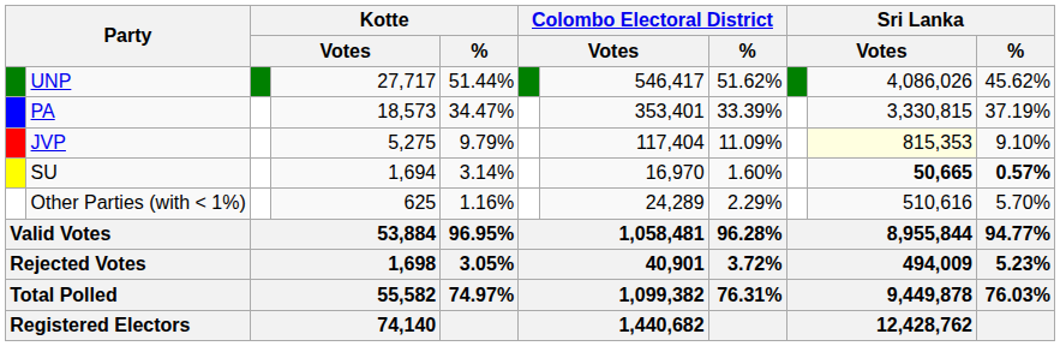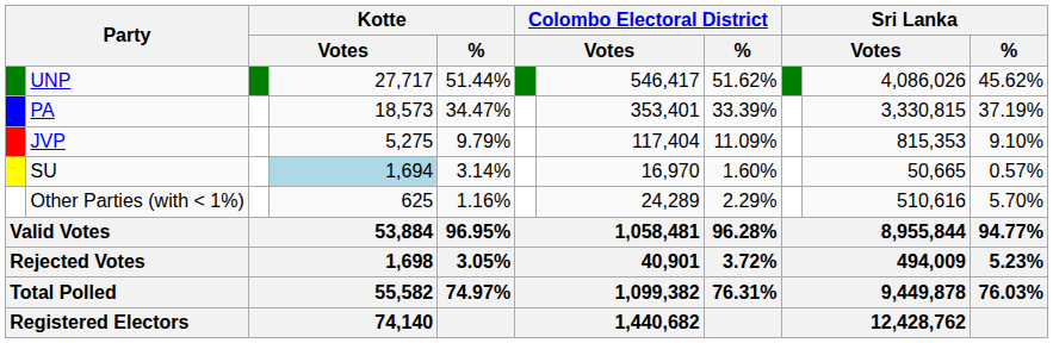 <table class="wikitable">
 <tr>
 <th colspan="2" width="144px"rowspan="2">Party</th>
 <th colspan="3" width="216px">Kotte</th>
 <th colspan="3" width="216px"><a href='#'>Colombo Electoral District</a></th>
 <th colspan="3" width="216px">Sri Lanka</th>
 </tr>
 <tr>
 <th colspan="2" width="144px">Votes</th>
 <th>%</th>
 <th colspan="2" width="144px">Votes</th>
 <th>%</th>
 <th colspan="2" width="144px">Votes</th>
 <th>%</th>
 </tr>
 <tr>
 <td style="background-color:green;" width="10px"></td>
 <td style="text-align:left;"><a href='#'>UNP</a></td>
 <td style="background-color:green;" width="10px"></td>
 <td style="text-align:right;">27,717</td>
 <td style="text-align:right;">51.44%</td>
 <td style="background-color:green;" width="10px"></td>
 <td style="text-align:right;">546,417</td>
 <td style="text-align:right;">51.62%</td>
 <td style="background-color:green;" width="10px"></td>
 <td style="text-align:right;">4,086,026</td>
 <td style="text-align:right;">45.62%</td>
 </tr>
 <tr>
 <td style="background-color:blue;" width="10px"></td>
 <td style="text-align:left;"><a href='#'>PA</a></td>
 <td style="background-color:white;" width="10px"></td>
 <td style="text-align:right;">18,573</td>
 <td style="text-align:right;">34.47%</td>
 <td style="background-color:white;" width="10px"></td>
 <td style="text-align:right;">353,401</td>
 <td style="text-align:right;">33.39%</td>
 <td style="background-color:white;" width="10px"></td>
 <td style="text-align:right;">3,330,815</td>
 <td style="text-align:right;">37.19%</td>
 </tr>
 <tr>
 <td style="background-color:red;" width="10px"></td>
 <td style="text-align:left;"><a href='#'>JVP</a></td>
 <td style="background-color:white;" width="10px"></td>
 <td style="text-align:right;">5,275</td>
 <td style="text-align:right;">9.79%</td>
 <td style="background-color:white;" width="10px"></td>
 <td style="text-align:right;">117,404</td>
 <td style="text-align:right;">11.09%</td>
 <td style="background-color:white;" width="10px"></td>
-<td style="background: lightyellow; text-align:right;">815,353</td>
+<td style="text-align:right;">815,353</td>
 <td style="text-align:right;">9.10%</td>
 </tr>
 <tr>
 <td style="background-color:yellow;" width="10px"></td>
 <td style="text-align:left;">SU</td>
 <td style="background-color:white;" width="10px"></td>
-<td style="text-align:right;">1,694</td>
+<td style="background: lightblue; text-align:right;">1,694</td>
 <td style="text-align:right;">3.14%</td>
 <td style="background-color:white;" width="10px"></td>
 <td style="text-align:right;">16,970</td>
 <td style="text-align:right;">1.60%</td>
 <td style="background-color:white;" width="10px"></td>
-<td style="text-align:right;"><strong>50,665</strong></td>
-<td style="text-align:right;"><strong>0.57%</strong></td>
+<td style="text-align:right;">50,665</td>
+<td style="text-align:right;">0.57%</td>
 </tr>
 <tr>
 <td style="background-color:white;" width="10px"></td>
 <td style="text-align:left;">Other Parties (with < 1%)</td>
 <td style="background-color:white;" width="10px"></td>
 <td style="text-align:right;">625</td>
 <td style="text-align:right;">1.16%</td>
 <td style="background-color:white;" width="10px"></td>
 <td style="text-align:right;">24,289</td>
 <td style="text-align:right;">2.29%</td>
 <td style="background-color:white;" width="10px"></td>
 <td style="text-align:right;">510,616</td>
 <td style="text-align:right;">5.70%</td>
 </tr>
 <tr>
 <th colspan="2" width="144px"style="text-align:left;">Valid Votes</th>
 <th style="text-align:right;"colspan="2" width="144px">53,884</th>
 <th style="text-align:right;">96.95%</th>
 <th style="text-align:right;"colspan="2" width="144px">1,058,481</th>
 <th style="text-align:right;">96.28%</th>
 <th style="text-align:right;"colspan="2" width="144px">8,955,844</th>
 <th style="text-align:right;">94.77%</th>
 </tr>
 <tr>
 <th colspan="2" width="144px"style="text-align:left;">Rejected Votes</th>
 <th style="text-align:right;"colspan="2" width="144px">1,698</th>
 <th style="text-align:right;">3.05%</th>
 <th style="text-align:right;"colspan="2" width="144px">40,901</th>
 <th style="text-align:right;">3.72%</th>
 <th style="text-align:right;"colspan="2" width="144px">494,009</th>
 <th style="text-align:right;">5.23%</th>
 </tr>
 <tr>
 <th colspan="2" width="144px"style="text-align:left;">Total Polled</th>
 <th style="text-align:right;"colspan="2" width="144px">55,582</th>
 <th style="text-align:right;">74.97%</th>
 <th style="text-align:right;"colspan="2" width="144px">1,099,382</th>
 <th style="text-align:right;">76.31%</th>
 <th style="text-align:right;"colspan="2" width="144px">9,449,878</th>
 <th style="text-align:right;">76.03%</th>
 </tr>
 <tr>
 <th colspan="2" width="144px"style="text-align:left;">Registered Electors</th>
 <th style="text-align:right;"colspan="2" width="144px">74,140</th>
 <th></th>
 <th style="text-align:right;"colspan="2" width="144px">1,440,682</th>
 <th></th>
 <th style="text-align:right;"colspan="2" width="144px">12,428,762</th>
 <th></th>
 </tr>
 </table>
